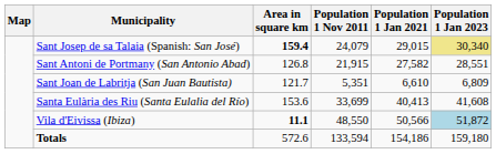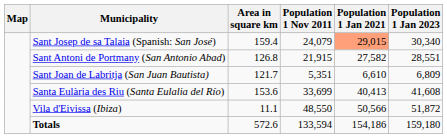 <table class="sortable wikitable">
 <tr>
 <th>Map</th>
 <th>Municipality</th>
 <th>Area in<br> square km</th>
 <th>Population<br> 1 Nov 2011</th>
 <th>Population<br> 1 Jan 2021</th>
 <th>Population<br> 1 Jan 2023</th>
 </tr>
 <tr>
 <td rowspan="6"></td>
 <td><a href='#'>Sant Josep de sa Talaia</a>  (Spanish: <em>San José</em>)</td>
-<td align="right"><strong>159.4</strong></td>
+<td align="right">159.4</td>
 <td align="right">24,079</td>
-<td align="right">29,015</td>
-<td align="right" style="background: khaki;">30,340</td>
+<td align="right" style="background: lightsalmon;">29,015</td>
+<td align="right">30,340</td>
 </tr>
 <tr>
 <td><a href='#'>Sant Antoni de Portmany</a> (<em>San Antonio Abad</em>)</td>
 <td align="right">126.8</td>
 <td align="right">21,915</td>
 <td align="right">27,582</td>
 <td align="right">28,551</td>
 </tr>
 <tr>
 <td><a href='#'>Sant Joan de Labritja</a> (<em>San Juan Bautista)</em></td>
 <td align="right">121.7</td>
 <td align="right">5,351</td>
 <td align="right">6,610</td>
 <td align="right">6,809</td>
 </tr>
 <tr>
 <td><a href='#'>Santa Eulària des Riu</a> (<em>Santa Eulalia del Río</em>)</td>
 <td align="right">153.6</td>
 <td align="right">33,699</td>
 <td align="right">40,413</td>
 <td align="right">41,608</td>
 </tr>
 <tr>
 <td><a href='#'>Vila d'Eivissa</a> (<em>Ibiza</em>)</td>
-<td align="right"><strong>11.1</strong></td>
+<td align="right">11.1</td>
 <td align="right">48,550</td>
 <td align="right">50,566</td>
-<td align="right" style="background: lightblue;">51,872</td>
+<td align="right">51,872</td>
 </tr>
 <tr class="sortbottom">
 <td><strong>Totals</strong></td>
 <td align="right">572.6</td>
 <td align="right">133,594</td>
 <td align="right">154,186</td>
 <td align="right">159,180</td>
 </tr>
 </table>
